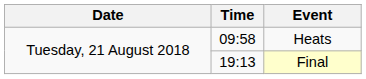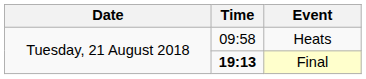 <table class = "wikitable" style="text-align:center;">
 <tr>
 <th width=220>Date</th>
 <th width=50>Time</th>
 <th width=100>Event</th>
 </tr>
 <tr>
 <td rowspan=2>Tuesday, 21 August 2018</td>
 <td>09:58</td>
 <td>Heats</td>
 </tr>
 <tr>
-<td>19:13</td>
+<td><strong>19:13</strong></td>
 <td bgcolor=ffffcc>Final</td>
 </tr>
 </table>
